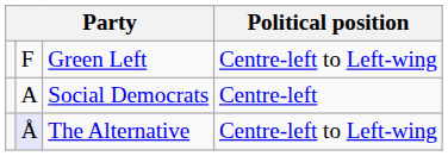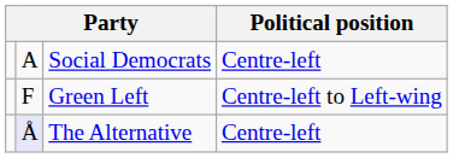 <table class="wikitable">
 <tr>
 <th colspan="3">Party</th>
 <th>Political position</th>
+</tr>
+<tr>
+<td></td>
+<td>A</td>
+<td><a href='#'>Social Democrats</a></td>
+<td><a href='#'>Centre-left</a></td>
 </tr>
 <tr>
 <td></td>
 <td>F</td>
 <td><a href='#'>Green Left</a></td>
 <td><a href='#'>Centre-left</a> to <a href='#'>Left-wing</a></td>
 </tr>
 <tr>
 <td></td>
-<td>A</td>
-<td><a href='#'>Social Democrats</a></td>
+<td style="background: lavender;">Å</td>
+<td><a href='#'>The Alternative</a></td>
 <td><a href='#'>Centre-left</a></td>
 </tr>
-<tr>
-<td></td>
-<td style="background: lavender;">Å</td>
-<td><a href='#'>The Alternative</a></td>
-<td><a href='#'>Centre-left</a> to <a href='#'>Left-wing</a></td>
-</tr>
 </table>
